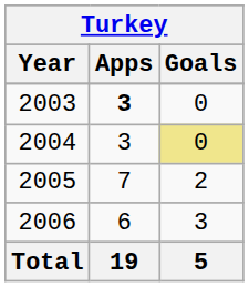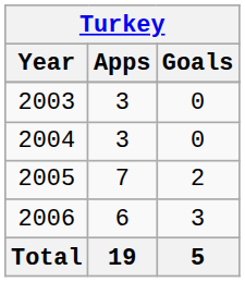 <table class="wikitable" style="text-align:center">
 <tr>
 <th colspan=3><a href='#'>Turkey</a></th>
 </tr>
 <tr>
 <th>Year</th>
 <th>Apps</th>
 <th>Goals</th>
 </tr>
 <tr>
 </tr>
 <tr>
 <td>2003</td>
-<td><strong>3</strong></td>
+<td>3</td>
 <td>0</td>
 </tr>
 <tr>
 <td>2004</td>
 <td>3</td>
-<td style="background: khaki;">0</td>
+<td>0</td>
 </tr>
 <tr>
 <td>2005</td>
 <td>7</td>
 <td>2</td>
 </tr>
 <tr>
 <td>2006</td>
 <td>6</td>
 <td>3</td>
 </tr>
 <tr>
 <th>Total</th>
 <th>19</th>
 <th>5</th>
 </tr>
 </table>
